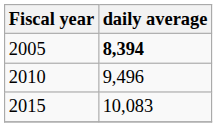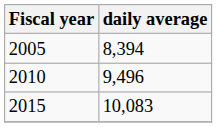 <table class="wikitable">
 <tr>
 <th>Fiscal year</th>
 <th>daily average</th>
 </tr>
 <tr>
 <td>2005</td>
-<td><strong>8,394</strong></td>
+<td>8,394</td>
 </tr>
 <tr>
 <td>2010</td>
 <td>9,496</td>
 </tr>
 <tr>
 <td>2015</td>
 <td>10,083</td>
 </tr>
 <tr>
 </tr>
 </table>
